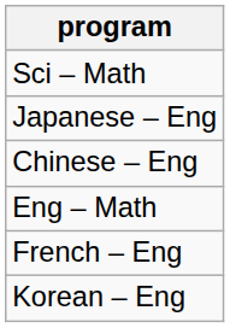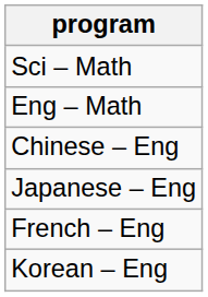 <table class="wikitable">
 <tr>
 <th>program</th>
 </tr>
 <tr>
 <td>Sci – Math</td>
 </tr>
 <tr>
-<td>Japanese – Eng</td>
+<td>Eng – Math</td>
 </tr>
 <tr>
 <td>Chinese – Eng</td>
 </tr>
 <tr>
-<td>Eng – Math</td>
+<td>Japanese – Eng</td>
 </tr>
 <tr>
 <td>French – Eng</td>
 </tr>
 <tr>
 <td>Korean – Eng</td>
 </tr>
 </table>
